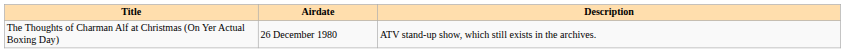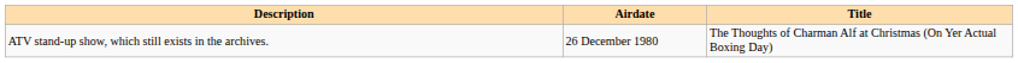 <table class="wikitable" border=1 style="font-size: 94%">
 <tr>
+<th style="background:#ffdead" width=31%>Description</th>
+<th style="background:#ffdead" width=8%>Airdate</th>
 <th style="background:#ffdead" width=17%>Title</th>
-<th style="background:#ffdead" width=8%>Airdate</th>
-<th style="background:#ffdead" width=31%>Description</th>
 </tr>
 <tr>
+<td>ATV stand-up show, which still exists in the archives.</td>
+<td>26 December 1980</td>
 <td>The Thoughts of Charman Alf at Christmas (On Yer Actual Boxing Day)</td>
-<td>26 December 1980</td>
-<td>ATV stand-up show, which still exists in the archives.</td>
 </tr>
 </table>
